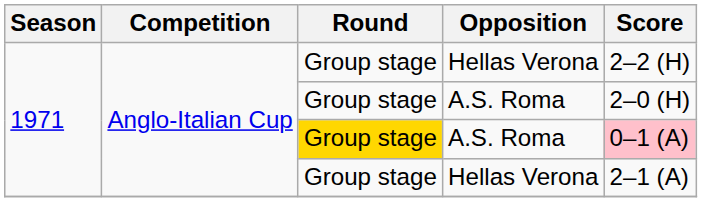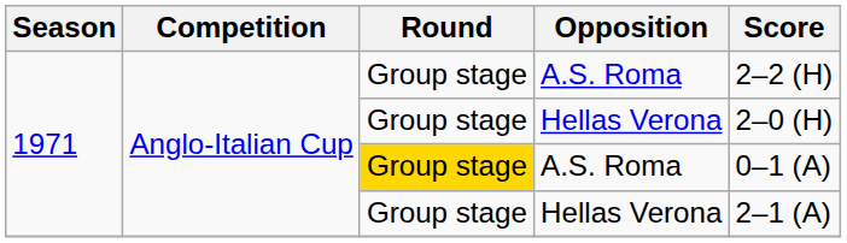 <table class="wikitable">
 <tr>
 <th>Season</th>
 <th>Competition</th>
 <th>Round</th>
 <th>Opposition</th>
 <th>Score</th>
 </tr>
 <tr>
 <td rowspan="4"><a href='#'>1971</a></td>
 <td rowspan="4"><a href='#'>Anglo-Italian Cup</a></td>
 <td>Group stage</td>
-<td> Hellas Verona</td>
+<td> <a href='#'>A.S. Roma</a></td>
 <td>2–2 (H)</td>
 </tr>
 <tr>
 <td>Group stage</td>
-<td> A.S. Roma</td>
+<td> <a href='#'>Hellas Verona</a></td>
 <td>2–0 (H)</td>
 </tr>
 <tr>
 <td style="background: gold;">Group stage</td>
 <td> A.S. Roma</td>
-<td style="background: pink;">0–1 (A)</td>
+<td>0–1 (A)</td>
 </tr>
 <tr>
 <td>Group stage</td>
 <td> Hellas Verona</td>
 <td>2–1 (A)</td>
 </tr>
 <tr>
 </tr>
 </table>
